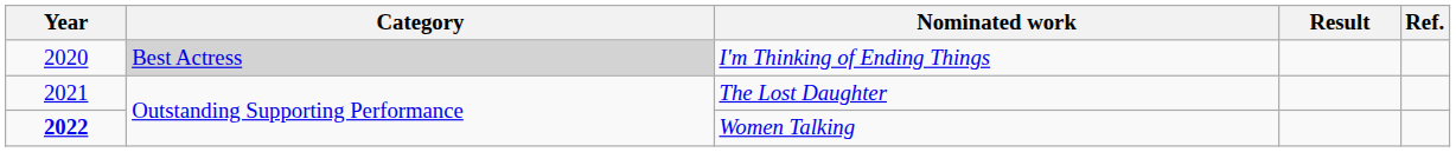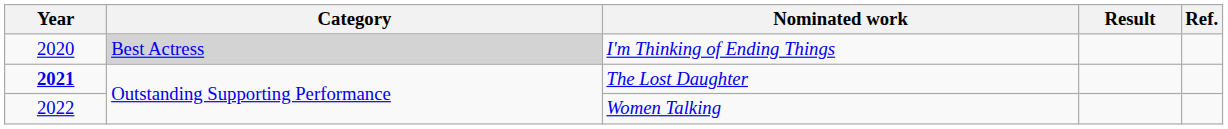 <table class=wikitable>
 <tr>
 <th scope="col" style="width:5em;">Year</th>
 <th scope="col" style="width:26em;">Category</th>
 <th scope="col" style="width:25em;">Nominated work</th>
 <th scope="col" style="width:5em;">Result</th>
 <th>Ref.</th>
 </tr>
 <tr>
 <td style="text-align:center;"><a href='#'>2020</a></td>
 <td style="background: lightgrey;"><a href='#'>Best Actress</a></td>
 <td><em><a href='#'>I'm Thinking of Ending Things</a></em></td>
 <td></td>
 <td align="center"></td>
 </tr>
 <tr>
-<td style="text-align:center;"><a href='#'>2021</a></td>
+<td style="text-align:center;"><strong><a href='#'>2021</a></strong></td>
 <td rowspan="2"><a href='#'>Outstanding Supporting Performance</a></td>
 <td><em><a href='#'>The Lost Daughter</a></em></td>
 <td></td>
 <td align="center"></td>
 </tr>
 <tr>
-<td style="text-align:center;"><strong><a href='#'>2022</a></strong></td>
+<td style="text-align:center;"><a href='#'>2022</a></td>
 <td><em><a href='#'>Women Talking</a></em></td>
 <td></td>
 <td style="text-align:center;"></td>
 </tr>
 </table>
